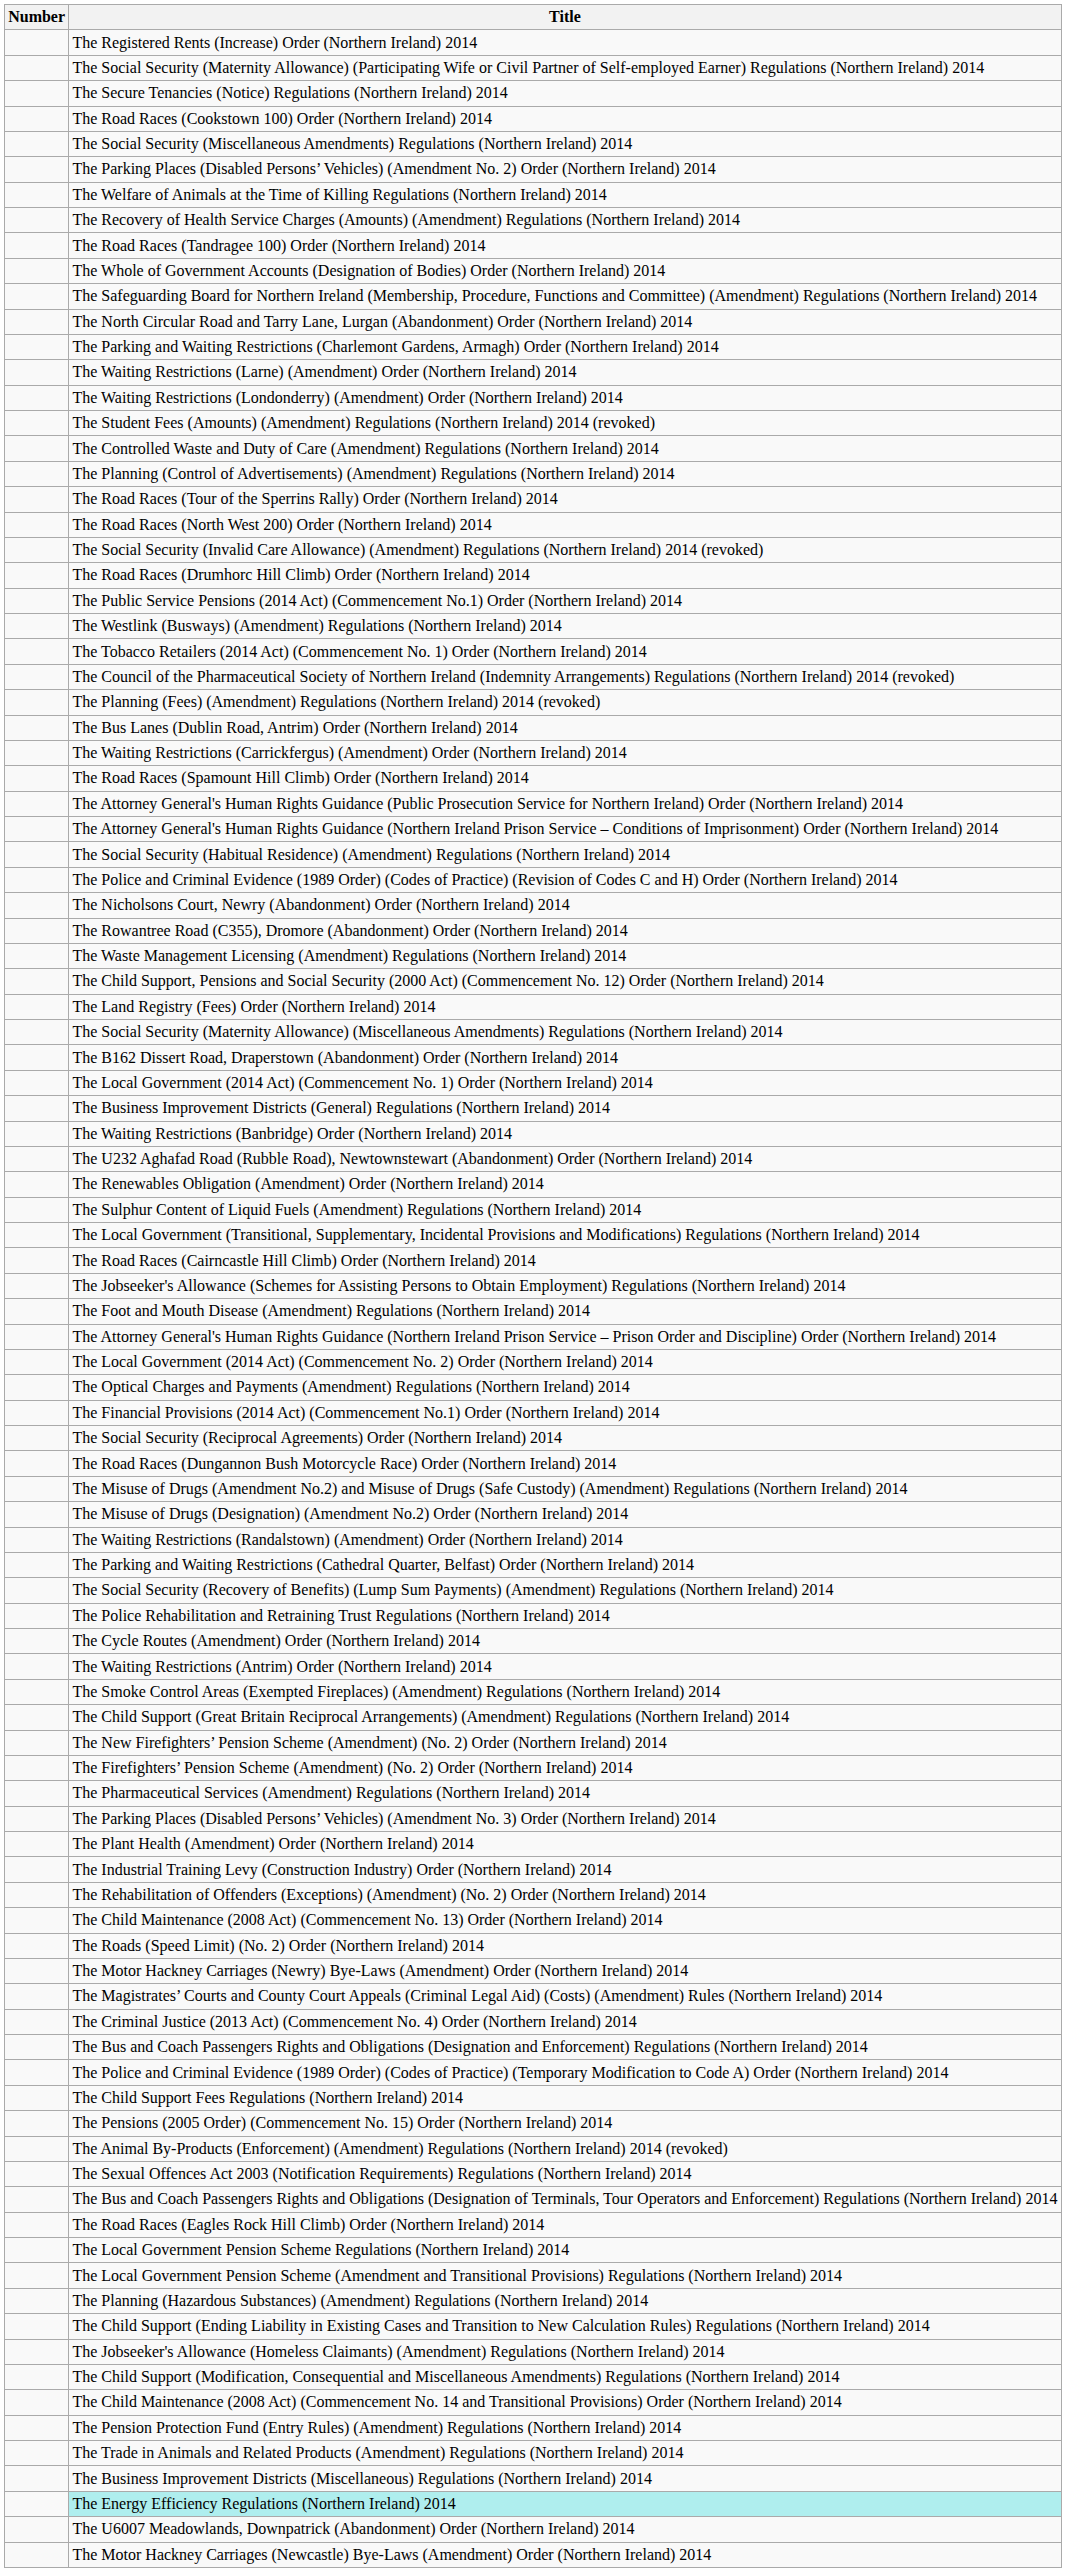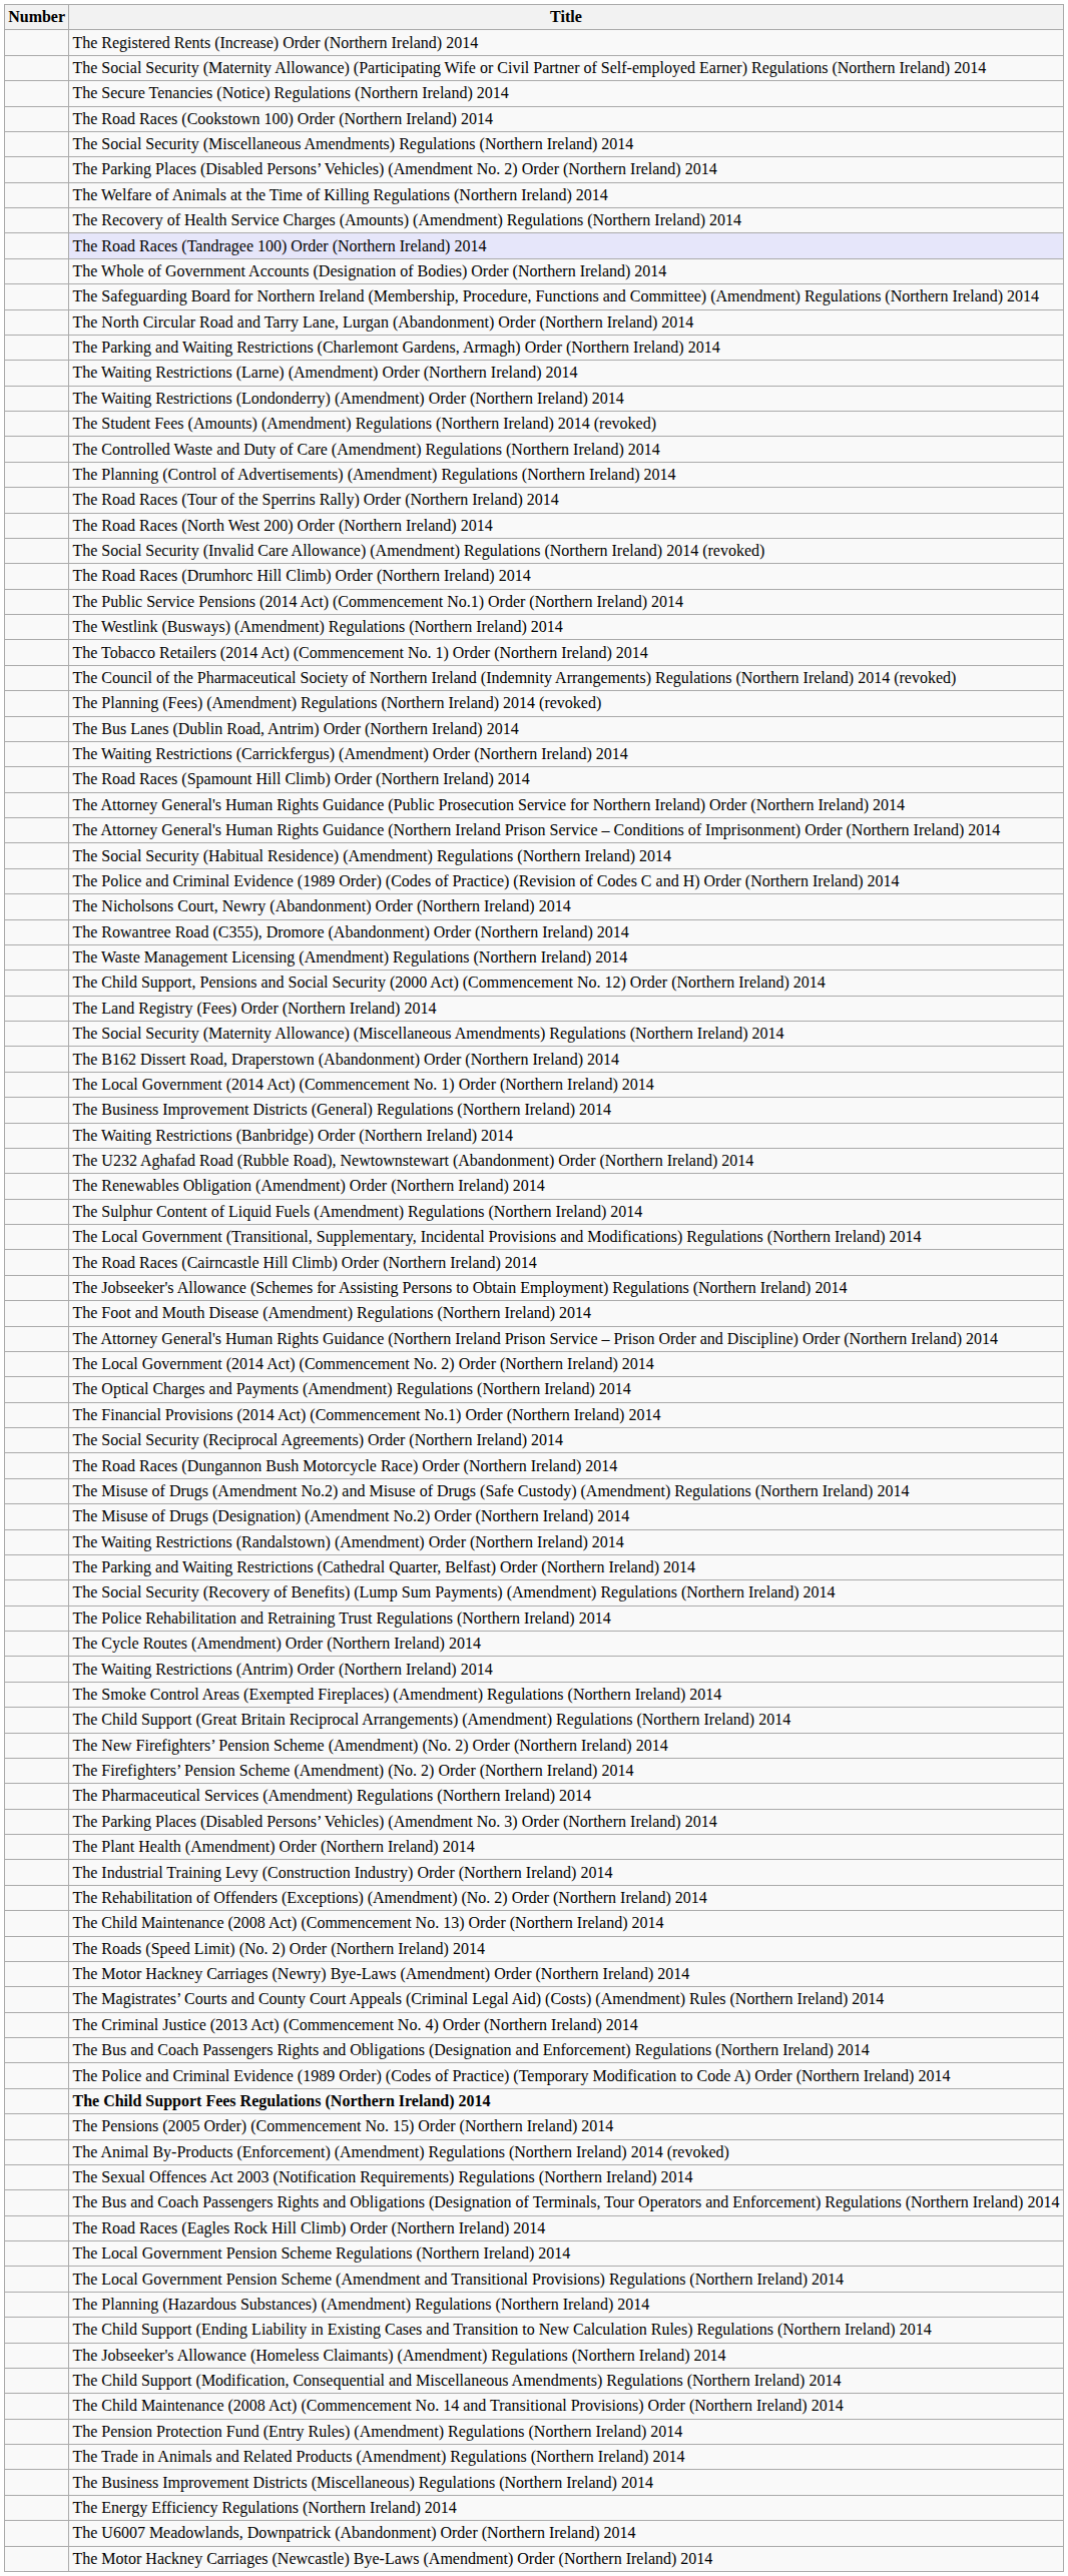 <table class="wikitable collapsible">
 <tr>
 <th>Number</th>
 <th>Title</th>
 </tr>
 <tr>
 <td></td>
 <td>The Registered Rents (Increase) Order (Northern Ireland) 2014</td>
 </tr>
 <tr>
 <td></td>
 <td>The Social Security (Maternity Allowance) (Participating Wife or Civil Partner of Self-employed Earner) Regulations (Northern Ireland) 2014</td>
 </tr>
 <tr>
 <td></td>
 <td>The Secure Tenancies (Notice) Regulations (Northern Ireland) 2014</td>
 </tr>
 <tr>
 <td></td>
 <td>The Road Races (Cookstown 100) Order (Northern Ireland) 2014</td>
 </tr>
 <tr>
 <td></td>
 <td>The Social Security (Miscellaneous Amendments) Regulations (Northern Ireland) 2014</td>
 </tr>
 <tr>
 <td></td>
 <td>The Parking Places (Disabled Persons’ Vehicles) (Amendment No. 2) Order (Northern Ireland) 2014</td>
 </tr>
 <tr>
 <td></td>
 <td>The Welfare of Animals at the Time of Killing Regulations (Northern Ireland) 2014</td>
 </tr>
 <tr>
 <td></td>
 <td>The Recovery of Health Service Charges (Amounts) (Amendment) Regulations (Northern Ireland) 2014</td>
 </tr>
 <tr>
 <td></td>
-<td>The Road Races (Tandragee 100) Order (Northern Ireland) 2014</td>
+<td style="background: lavender;">The Road Races (Tandragee 100) Order (Northern Ireland) 2014</td>
 </tr>
 <tr>
 <td></td>
 <td>The Whole of Government Accounts (Designation of Bodies) Order (Northern Ireland) 2014</td>
 </tr>
 <tr>
 <td></td>
 <td>The Safeguarding Board for Northern Ireland (Membership, Procedure, Functions and Committee) (Amendment) Regulations (Northern Ireland) 2014</td>
 </tr>
 <tr>
 <td></td>
 <td>The North Circular Road and Tarry Lane, Lurgan (Abandonment) Order (Northern Ireland) 2014</td>
 </tr>
 <tr>
 <td></td>
 <td>The Parking and Waiting Restrictions (Charlemont Gardens, Armagh) Order (Northern Ireland) 2014</td>
 </tr>
 <tr>
 <td></td>
 <td>The Waiting Restrictions (Larne) (Amendment) Order (Northern Ireland) 2014</td>
 </tr>
 <tr>
 <td></td>
 <td>The Waiting Restrictions (Londonderry) (Amendment) Order (Northern Ireland) 2014</td>
 </tr>
 <tr>
 <td></td>
 <td>The Student Fees (Amounts) (Amendment) Regulations (Northern Ireland) 2014 (revoked)</td>
 </tr>
 <tr>
 <td></td>
 <td>The Controlled Waste and Duty of Care (Amendment) Regulations (Northern Ireland) 2014</td>
 </tr>
 <tr>
 <td></td>
 <td>The Planning (Control of Advertisements) (Amendment) Regulations (Northern Ireland) 2014</td>
 </tr>
 <tr>
 <td></td>
 <td>The Road Races (Tour of the Sperrins Rally) Order (Northern Ireland) 2014</td>
 </tr>
 <tr>
 <td></td>
 <td>The Road Races (North West 200) Order (Northern Ireland) 2014</td>
 </tr>
 <tr>
 <td></td>
 <td>The Social Security (Invalid Care Allowance) (Amendment) Regulations (Northern Ireland) 2014 (revoked)</td>
 </tr>
 <tr>
 <td></td>
 <td>The Road Races (Drumhorc Hill Climb) Order (Northern Ireland) 2014</td>
 </tr>
 <tr>
 <td></td>
 <td>The Public Service Pensions (2014 Act) (Commencement No.1) Order (Northern Ireland) 2014</td>
 </tr>
 <tr>
 <td></td>
 <td>The Westlink (Busways) (Amendment) Regulations (Northern Ireland) 2014</td>
 </tr>
 <tr>
 <td></td>
 <td>The Tobacco Retailers (2014 Act) (Commencement No. 1) Order (Northern Ireland) 2014</td>
 </tr>
 <tr>
 <td></td>
 <td>The Council of the Pharmaceutical Society of Northern Ireland (Indemnity Arrangements) Regulations (Northern Ireland) 2014 (revoked)</td>
 </tr>
 <tr>
 <td></td>
 <td>The Planning (Fees) (Amendment) Regulations (Northern Ireland) 2014 (revoked)</td>
 </tr>
 <tr>
 <td></td>
 <td>The Bus Lanes (Dublin Road, Antrim) Order (Northern Ireland) 2014</td>
 </tr>
 <tr>
 <td></td>
 <td>The Waiting Restrictions (Carrickfergus) (Amendment) Order (Northern Ireland) 2014</td>
 </tr>
 <tr>
 <td></td>
 <td>The Road Races (Spamount Hill Climb) Order (Northern Ireland) 2014</td>
 </tr>
 <tr>
 <td></td>
 <td>The Attorney General's Human Rights Guidance (Public Prosecution Service for Northern Ireland) Order (Northern Ireland) 2014</td>
 </tr>
 <tr>
 <td></td>
 <td>The Attorney General's Human Rights Guidance (Northern Ireland Prison Service – Conditions of Imprisonment) Order (Northern Ireland) 2014</td>
 </tr>
 <tr>
 <td></td>
 <td>The Social Security (Habitual Residence) (Amendment) Regulations (Northern Ireland) 2014</td>
 </tr>
 <tr>
 <td></td>
 <td>The Police and Criminal Evidence (1989 Order) (Codes of Practice) (Revision of Codes C and H) Order (Northern Ireland) 2014</td>
 </tr>
 <tr>
 <td></td>
 <td>The Nicholsons Court, Newry (Abandonment) Order (Northern Ireland) 2014</td>
 </tr>
 <tr>
 <td></td>
 <td>The Rowantree Road (C355), Dromore (Abandonment) Order (Northern Ireland) 2014</td>
 </tr>
 <tr>
 <td></td>
 <td>The Waste Management Licensing (Amendment) Regulations (Northern Ireland) 2014</td>
 </tr>
 <tr>
 <td></td>
 <td>The Child Support, Pensions and Social Security (2000 Act) (Commencement No. 12) Order (Northern Ireland) 2014</td>
 </tr>
 <tr>
 <td></td>
 <td>The Land Registry (Fees) Order (Northern Ireland) 2014</td>
 </tr>
 <tr>
 <td></td>
 <td>The Social Security (Maternity Allowance) (Miscellaneous Amendments) Regulations (Northern Ireland) 2014</td>
 </tr>
 <tr>
 <td></td>
 <td>The B162 Dissert Road, Draperstown (Abandonment) Order (Northern Ireland) 2014</td>
 </tr>
 <tr>
 <td></td>
 <td>The Local Government (2014 Act) (Commencement No. 1) Order (Northern Ireland) 2014</td>
 </tr>
 <tr>
 <td></td>
 <td>The Business Improvement Districts (General) Regulations (Northern Ireland) 2014</td>
 </tr>
 <tr>
 <td></td>
 <td>The Waiting Restrictions (Banbridge) Order (Northern Ireland) 2014</td>
 </tr>
 <tr>
 <td></td>
 <td>The U232 Aghafad Road (Rubble Road), Newtownstewart (Abandonment) Order (Northern Ireland) 2014</td>
 </tr>
 <tr>
 <td></td>
 <td>The Renewables Obligation (Amendment) Order (Northern Ireland) 2014</td>
 </tr>
 <tr>
 <td></td>
 <td>The Sulphur Content of Liquid Fuels (Amendment) Regulations (Northern Ireland) 2014</td>
 </tr>
 <tr>
 <td></td>
 <td>The Local Government (Transitional, Supplementary, Incidental Provisions and Modifications) Regulations (Northern Ireland) 2014</td>
 </tr>
 <tr>
 <td></td>
 <td>The Road Races (Cairncastle Hill Climb) Order (Northern Ireland) 2014</td>
 </tr>
 <tr>
 <td></td>
 <td>The Jobseeker's Allowance (Schemes for Assisting Persons to Obtain Employment) Regulations (Northern Ireland) 2014</td>
 </tr>
 <tr>
 <td></td>
 <td>The Foot and Mouth Disease (Amendment) Regulations (Northern Ireland) 2014</td>
 </tr>
 <tr>
 <td></td>
 <td>The Attorney General's Human Rights Guidance (Northern Ireland Prison Service – Prison Order and Discipline) Order (Northern Ireland) 2014</td>
 </tr>
 <tr>
 <td></td>
 <td>The Local Government (2014 Act) (Commencement No. 2) Order (Northern Ireland) 2014</td>
 </tr>
 <tr>
 <td></td>
 <td>The Optical Charges and Payments (Amendment) Regulations (Northern Ireland) 2014</td>
 </tr>
 <tr>
 <td></td>
 <td>The Financial Provisions (2014 Act) (Commencement No.1) Order (Northern Ireland) 2014</td>
 </tr>
 <tr>
 <td></td>
 <td>The Social Security (Reciprocal Agreements) Order (Northern Ireland) 2014</td>
 </tr>
 <tr>
 <td></td>
 <td>The Road Races (Dungannon Bush Motorcycle Race) Order (Northern Ireland) 2014</td>
 </tr>
 <tr>
 <td></td>
 <td>The Misuse of Drugs (Amendment No.2) and Misuse of Drugs (Safe Custody) (Amendment) Regulations (Northern Ireland) 2014</td>
 </tr>
 <tr>
 <td></td>
 <td>The Misuse of Drugs (Designation) (Amendment No.2) Order (Northern Ireland) 2014</td>
 </tr>
 <tr>
 <td></td>
 <td>The Waiting Restrictions (Randalstown) (Amendment) Order (Northern Ireland) 2014</td>
 </tr>
 <tr>
 <td></td>
 <td>The Parking and Waiting Restrictions (Cathedral Quarter, Belfast) Order (Northern Ireland) 2014</td>
 </tr>
 <tr>
 <td></td>
 <td>The Social Security (Recovery of Benefits) (Lump Sum Payments) (Amendment) Regulations (Northern Ireland) 2014</td>
 </tr>
 <tr>
 <td></td>
 <td>The Police Rehabilitation and Retraining Trust Regulations (Northern Ireland) 2014</td>
 </tr>
 <tr>
 <td></td>
 <td>The Cycle Routes (Amendment) Order (Northern Ireland) 2014</td>
 </tr>
 <tr>
 <td></td>
 <td>The Waiting Restrictions (Antrim) Order (Northern Ireland) 2014</td>
 </tr>
 <tr>
 <td></td>
 <td>The Smoke Control Areas (Exempted Fireplaces) (Amendment) Regulations (Northern Ireland) 2014</td>
 </tr>
 <tr>
 <td></td>
 <td>The Child Support (Great Britain Reciprocal Arrangements) (Amendment) Regulations (Northern Ireland) 2014</td>
 </tr>
 <tr>
 <td></td>
 <td>The New Firefighters’ Pension Scheme (Amendment) (No. 2) Order (Northern Ireland) 2014</td>
 </tr>
 <tr>
 <td></td>
 <td>The Firefighters’ Pension Scheme (Amendment) (No. 2) Order (Northern Ireland) 2014</td>
 </tr>
 <tr>
 <td></td>
 <td>The Pharmaceutical Services (Amendment) Regulations (Northern Ireland) 2014</td>
 </tr>
 <tr>
 <td></td>
 <td>The Parking Places (Disabled Persons’ Vehicles) (Amendment No. 3) Order (Northern Ireland) 2014</td>
 </tr>
 <tr>
 <td></td>
 <td>The Plant Health (Amendment) Order (Northern Ireland) 2014</td>
 </tr>
 <tr>
 <td></td>
 <td>The Industrial Training Levy (Construction Industry) Order (Northern Ireland) 2014</td>
 </tr>
 <tr>
 <td></td>
 <td>The Rehabilitation of Offenders (Exceptions) (Amendment) (No. 2) Order (Northern Ireland) 2014</td>
 </tr>
 <tr>
 <td></td>
 <td>The Child Maintenance (2008 Act) (Commencement No. 13) Order (Northern Ireland) 2014</td>
 </tr>
 <tr>
 <td></td>
 <td>The Roads (Speed Limit) (No. 2) Order (Northern Ireland) 2014</td>
 </tr>
 <tr>
 <td></td>
 <td>The Motor Hackney Carriages (Newry) Bye-Laws (Amendment) Order (Northern Ireland) 2014</td>
 </tr>
 <tr>
 <td></td>
 <td>The Magistrates’ Courts and County Court Appeals (Criminal Legal Aid) (Costs) (Amendment) Rules (Northern Ireland) 2014</td>
 </tr>
 <tr>
 <td></td>
 <td>The Criminal Justice (2013 Act) (Commencement No. 4) Order (Northern Ireland) 2014</td>
 </tr>
 <tr>
 <td></td>
 <td>The Bus and Coach Passengers Rights and Obligations (Designation and Enforcement) Regulations (Northern Ireland) 2014</td>
 </tr>
 <tr>
 <td></td>
 <td>The Police and Criminal Evidence (1989 Order) (Codes of Practice) (Temporary Modification to Code A) Order (Northern Ireland) 2014</td>
 </tr>
 <tr>
 <td></td>
-<td>The Child Support Fees Regulations (Northern Ireland) 2014</td>
+<td><strong>The Child Support Fees Regulations (Northern Ireland) 2014</strong></td>
 </tr>
 <tr>
 <td></td>
 <td>The Pensions (2005 Order) (Commencement No. 15) Order (Northern Ireland) 2014</td>
 </tr>
 <tr>
 <td></td>
 <td>The Animal By-Products (Enforcement) (Amendment) Regulations (Northern Ireland) 2014 (revoked)</td>
 </tr>
 <tr>
 <td></td>
 <td>The Sexual Offences Act 2003 (Notification Requirements) Regulations (Northern Ireland) 2014</td>
 </tr>
 <tr>
 <td></td>
 <td>The Bus and Coach Passengers Rights and Obligations (Designation of Terminals, Tour Operators and Enforcement) Regulations (Northern Ireland) 2014</td>
 </tr>
 <tr>
 <td></td>
 <td>The Road Races (Eagles Rock Hill Climb) Order (Northern Ireland) 2014</td>
 </tr>
 <tr>
 <td></td>
 <td>The Local Government Pension Scheme Regulations (Northern Ireland) 2014</td>
 </tr>
 <tr>
 <td></td>
 <td>The Local Government Pension Scheme (Amendment and Transitional Provisions) Regulations (Northern Ireland) 2014</td>
 </tr>
 <tr>
 <td></td>
 <td>The Planning (Hazardous Substances) (Amendment) Regulations (Northern Ireland) 2014</td>
 </tr>
 <tr>
 <td></td>
 <td>The Child Support (Ending Liability in Existing Cases and Transition to New Calculation Rules) Regulations (Northern Ireland) 2014</td>
 </tr>
 <tr>
 <td></td>
 <td>The Jobseeker's Allowance (Homeless Claimants) (Amendment) Regulations (Northern Ireland) 2014</td>
 </tr>
 <tr>
 <td></td>
 <td>The Child Support (Modification, Consequential and Miscellaneous Amendments) Regulations (Northern Ireland) 2014</td>
 </tr>
 <tr>
 <td></td>
 <td>The Child Maintenance (2008 Act) (Commencement No. 14 and Transitional Provisions) Order (Northern Ireland) 2014</td>
 </tr>
 <tr>
 <td></td>
 <td>The Pension Protection Fund (Entry Rules) (Amendment) Regulations (Northern Ireland) 2014</td>
 </tr>
 <tr>
 <td></td>
 <td>The Trade in Animals and Related Products (Amendment) Regulations (Northern Ireland) 2014</td>
 </tr>
 <tr>
 <td></td>
 <td>The Business Improvement Districts (Miscellaneous) Regulations (Northern Ireland) 2014</td>
 </tr>
 <tr>
 <td></td>
-<td style="background: paleturquoise;">The Energy Efficiency Regulations (Northern Ireland) 2014</td>
+<td>The Energy Efficiency Regulations (Northern Ireland) 2014</td>
 </tr>
 <tr>
 <td></td>
 <td>The U6007 Meadowlands, Downpatrick (Abandonment) Order (Northern Ireland) 2014</td>
 </tr>
 <tr>
 <td></td>
 <td>The Motor Hackney Carriages (Newcastle) Bye-Laws (Amendment) Order (Northern Ireland) 2014</td>
 </tr>
 </table>
